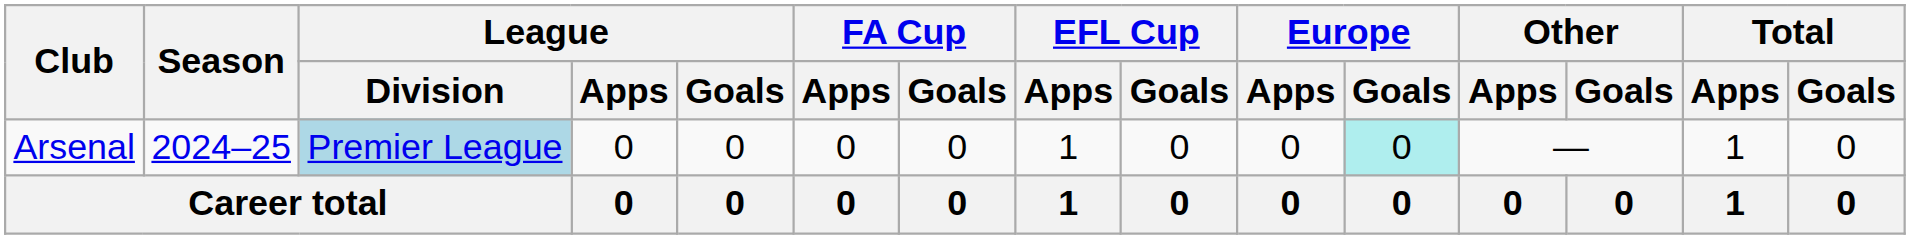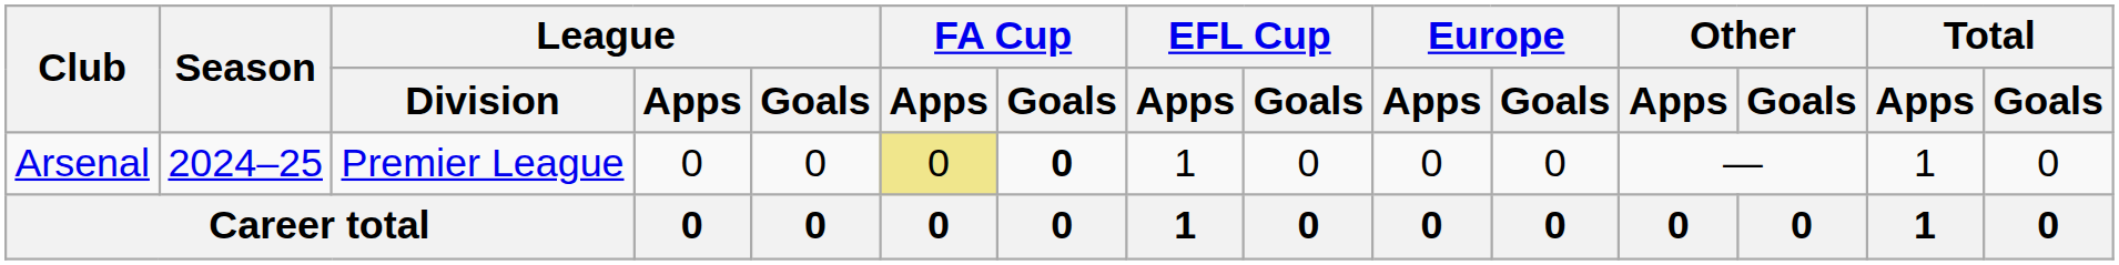 <table class="wikitable" style="text-align: center;">
 <tr>
 <th rowspan="2">Club</th>
 <th rowspan="2">Season</th>
 <th colspan="3">League</th>
 <th colspan="2"><a href='#'>FA Cup</a></th>
 <th colspan="2"><a href='#'>EFL Cup</a></th>
 <th colspan="2"><a href='#'>Europe</a></th>
 <th colspan="2">Other</th>
 <th colspan="2">Total</th>
 </tr>
 <tr>
 <th>Division</th>
 <th>Apps</th>
 <th>Goals</th>
 <th>Apps</th>
 <th>Goals</th>
 <th>Apps</th>
 <th>Goals</th>
 <th>Apps</th>
 <th>Goals</th>
 <th>Apps</th>
 <th>Goals</th>
 <th>Apps</th>
 <th>Goals</th>
 </tr>
 <tr>
 <td><a href='#'>Arsenal</a></td>
 <td><a href='#'>2024–25</a></td>
-<td style="background: lightblue;"><a href='#'>Premier League</a></td>
+<td><a href='#'>Premier League</a></td>
+<td>0</td>
+<td>0</td>
+<td style="background: khaki;">0</td>
+<td><strong>0</strong></td>
+<td>1</td>
 <td>0</td>
 <td>0</td>
 <td>0</td>
-<td>0</td>
-<td>1</td>
-<td>0</td>
-<td>0</td>
-<td style="background: paleturquoise;">0</td>
 <td colspan="2">—</td>
 <td>1</td>
 <td>0</td>
 </tr>
 <tr>
 <th colspan="3">Career total</th>
 <th>0</th>
 <th>0</th>
 <th>0</th>
 <th>0</th>
 <th>1</th>
 <th>0</th>
 <th>0</th>
 <th>0</th>
 <th>0</th>
 <th>0</th>
 <th>1</th>
 <th>0</th>
 </tr>
 </table>
